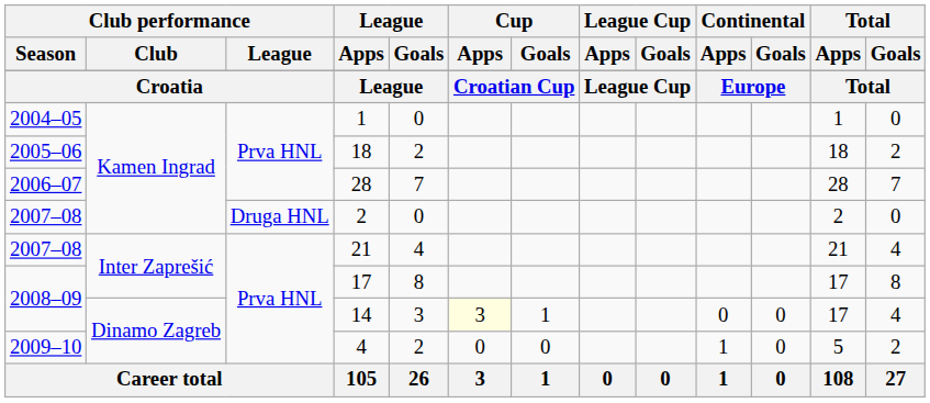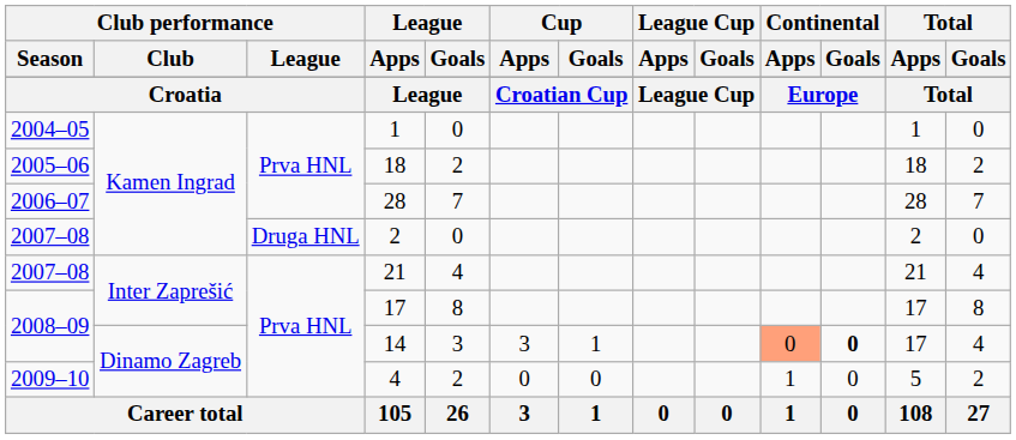 <table class="wikitable" style="text-align:center">
 <tr>
 <th colspan=3>Club performance</th>
 <th colspan=2>League</th>
 <th colspan=2>Cup</th>
 <th colspan=2>League Cup</th>
 <th colspan=2>Continental</th>
 <th colspan=2>Total</th>
 </tr>
 <tr>
 <th>Season</th>
 <th>Club</th>
 <th>League</th>
 <th>Apps</th>
 <th>Goals</th>
 <th>Apps</th>
 <th>Goals</th>
 <th>Apps</th>
 <th>Goals</th>
 <th>Apps</th>
 <th>Goals</th>
 <th>Apps</th>
 <th>Goals</th>
 </tr>
 <tr>
 </tr>
 <tr>
 <th colspan=3>Croatia</th>
 <th colspan=2>League</th>
 <th colspan=2><a href='#'>Croatian Cup</a></th>
 <th colspan=2>League Cup</th>
 <th colspan=2><a href='#'>Europe</a></th>
 <th colspan=2>Total</th>
 </tr>
 <tr>
 <td><a href='#'>2004–05</a></td>
 <td rowspan="4"><a href='#'>Kamen Ingrad</a></td>
 <td rowspan="3"><a href='#'>Prva HNL</a></td>
 <td>1</td>
 <td>0</td>
 <td></td>
 <td></td>
 <td></td>
 <td></td>
 <td></td>
 <td></td>
 <td>1</td>
 <td>0</td>
 </tr>
 <tr>
 <td><a href='#'>2005–06</a></td>
 <td>18</td>
 <td>2</td>
 <td></td>
 <td></td>
 <td></td>
 <td></td>
 <td></td>
 <td></td>
 <td>18</td>
 <td>2</td>
 </tr>
 <tr>
 <td><a href='#'>2006–07</a></td>
 <td>28</td>
 <td>7</td>
 <td></td>
 <td></td>
 <td></td>
 <td></td>
 <td></td>
 <td></td>
 <td>28</td>
 <td>7</td>
 </tr>
 <tr>
 <td><a href='#'>2007–08</a></td>
 <td><a href='#'>Druga HNL</a></td>
 <td>2</td>
 <td>0</td>
 <td></td>
 <td></td>
 <td></td>
 <td></td>
 <td></td>
 <td></td>
 <td>2</td>
 <td>0</td>
 </tr>
 <tr>
 <td><a href='#'>2007–08</a></td>
 <td rowspan="2"><a href='#'>Inter Zaprešić</a></td>
 <td rowspan="4"><a href='#'>Prva HNL</a></td>
 <td>21</td>
 <td>4</td>
 <td></td>
 <td></td>
 <td></td>
 <td></td>
 <td></td>
 <td></td>
 <td>21</td>
 <td>4</td>
 </tr>
 <tr>
 <td rowspan="2"><a href='#'>2008–09</a></td>
 <td>17</td>
 <td>8</td>
 <td></td>
 <td></td>
 <td></td>
 <td></td>
 <td></td>
 <td></td>
 <td>17</td>
 <td>8</td>
 </tr>
 <tr>
 <td rowspan="2"><a href='#'>Dinamo Zagreb</a></td>
 <td>14</td>
 <td>3</td>
-<td style="background: lightyellow;">3</td>
+<td>3</td>
 <td>1</td>
 <td></td>
 <td></td>
-<td>0</td>
-<td>0</td>
+<td style="background: lightsalmon;">0</td>
+<td><strong>0</strong></td>
 <td>17</td>
 <td>4</td>
 </tr>
 <tr>
 <td><a href='#'>2009–10</a></td>
 <td>4</td>
 <td>2</td>
 <td>0</td>
 <td>0</td>
 <td></td>
 <td></td>
 <td>1</td>
 <td>0</td>
 <td>5</td>
 <td>2</td>
 </tr>
 <tr>
 <th colspan=3>Career total</th>
 <th>105</th>
 <th>26</th>
 <th>3</th>
 <th>1</th>
 <th>0</th>
 <th>0</th>
 <th>1</th>
 <th>0</th>
 <th>108</th>
 <th>27</th>
 </tr>
 </table>
